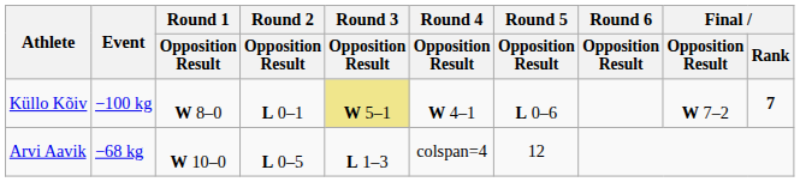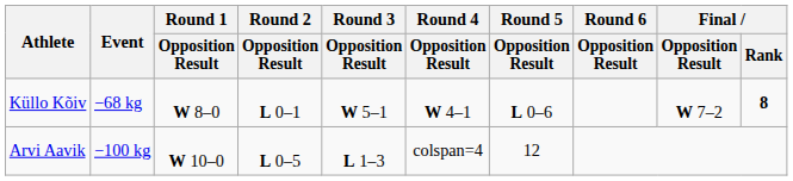 <table class="wikitable" style="font-size:90%">
 <tr>
 <th rowspan="2">Athlete</th>
 <th rowspan="2">Event</th>
 <th>Round 1</th>
 <th>Round 2</th>
 <th>Round 3</th>
 <th>Round 4</th>
 <th>Round 5</th>
 <th>Round 6</th>
 <th colspan=2>Final / </th>
 </tr>
 <tr style="font-size: 95%">
 <th>Opposition<br>Result</th>
 <th>Opposition<br>Result</th>
 <th>Opposition<br>Result</th>
 <th>Opposition<br>Result</th>
 <th>Opposition<br>Result</th>
 <th>Opposition<br>Result</th>
 <th>Opposition<br>Result</th>
 <th>Rank</th>
 </tr>
 <tr align=center>
 <td align=left><a href='#'>Küllo Kõiv</a></td>
-<td align=left><a href='#'>−100 kg</a></td>
+<td align=left><a href='#'>−68 kg</a></td>
 <td><br><strong>W</strong> 8–0</td>
 <td><br><strong>L</strong> 0–1</td>
-<td style="background: khaki;"><br><strong>W</strong> 5–1</td>
+<td><br><strong>W</strong> 5–1</td>
 <td><br><strong>W</strong> 4–1</td>
 <td><br><strong>L</strong> 0–6</td>
 <td></td>
 <td><br><strong>W</strong> 7–2</td>
-<td><strong>7</strong></td>
+<td><strong>8</strong></td>
 </tr>
 <tr align=center>
 <td align=left><a href='#'>Arvi Aavik</a></td>
-<td align=left><a href='#'>−68 kg</a></td>
+<td align=left><a href='#'>−100 kg</a></td>
 <td><br><strong>W</strong> 10–0</td>
 <td><br><strong>L</strong> 0–5</td>
 <td><br><strong>L</strong> 1–3</td>
 <td>colspan=4 </td>
 <td>12</td>
 </tr>
 </table>
